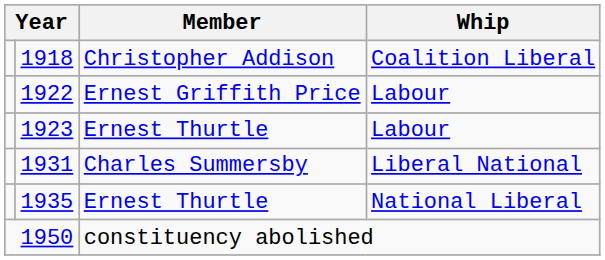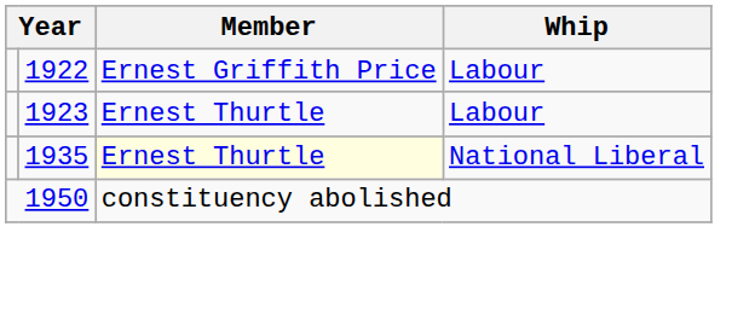 <table class="wikitable">
 <tr>
 <th colspan="2">Year</th>
 <th>Member</th>
 <th>Whip</th>
-</tr>
-<tr>
-<td style="color:inherit;background-color: "></td>
-<td><a href='#'>1918</a></td>
-<td><a href='#'>Christopher Addison</a></td>
-<td><a href='#'>Coalition Liberal</a></td>
 </tr>
 <tr>
 <td style="color:inherit;background-color: "></td>
 <td><a href='#'>1922</a></td>
 <td><a href='#'>Ernest Griffith Price</a></td>
 <td><a href='#'>Labour</a></td>
 </tr>
 <tr>
 <td style="color:inherit;background-color: "></td>
 <td><a href='#'>1923</a></td>
 <td><a href='#'>Ernest Thurtle</a></td>
 <td><a href='#'>Labour</a></td>
 </tr>
 <tr>
 <td style="color:inherit;background-color: "></td>
-<td><a href='#'>1931</a></td>
-<td><a href='#'>Charles Summersby</a></td>
-<td><a href='#'>Liberal National</a></td>
-</tr>
-<tr>
-<td style="color:inherit;background-color: "></td>
 <td><a href='#'>1935</a></td>
-<td><a href='#'>Ernest Thurtle</a></td>
+<td style="background: lightyellow;"><a href='#'>Ernest Thurtle</a></td>
 <td><a href='#'>National Liberal</a></td>
 </tr>
 <tr>
 <td colspan="2" align="right"><a href='#'>1950</a></td>
 <td colspan="2">constituency abolished</td>
 </tr>
 </table>
